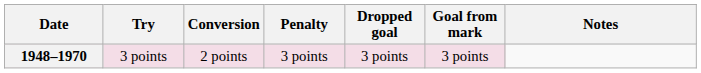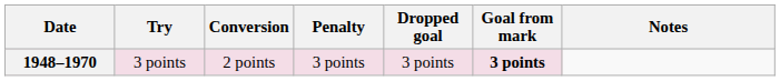 <table class="wikitable">
 <tr>
 <th scope="col" style="width:100px;">Date</th>
 <th scope="col" style="width:80px;">Try</th>
 <th scope="col" style="width:80px;">Conversion</th>
 <th scope="col" style="width:80px;">Penalty</th>
 <th scope="col" style="width:80px;">Dropped goal</th>
 <th scope="col" style="width:80px;">Goal from mark</th>
 <th scope="col" style="width:200px;">Notes<br></th>
 </tr>
 <tr style="text-align:center;  background:#F4DDE7;">
 <th>1948–1970</th>
 <td>3 points</td>
 <td>2 points</td>
 <td>3 points</td>
 <td>3 points</td>
-<td>3 points<br></td>
+<td><strong>3 points<br></strong></td>
 </tr>
 </table>
